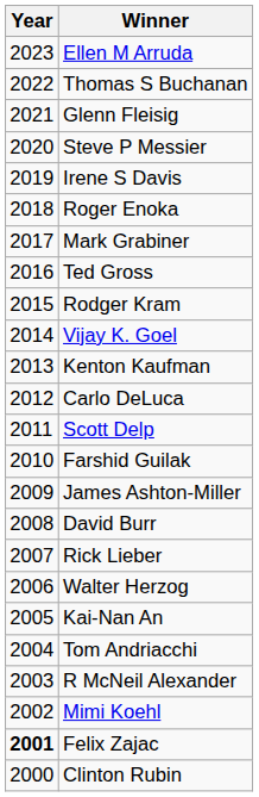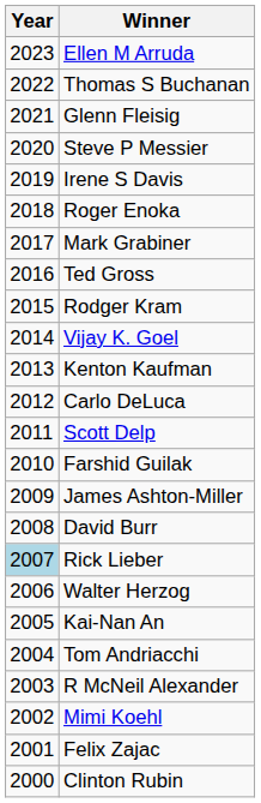 <table class="wikitable">
 <tr>
 <th>Year</th>
 <th>Winner</th>
 </tr>
 <tr>
 <td>2023</td>
 <td><a href='#'>Ellen M Arruda</a></td>
 </tr>
 <tr>
 <td>2022</td>
 <td>Thomas S Buchanan</td>
 </tr>
 <tr>
 <td>2021</td>
 <td>Glenn Fleisig</td>
 </tr>
 <tr>
 <td>2020</td>
 <td>Steve P Messier</td>
 </tr>
 <tr>
 <td>2019</td>
 <td>Irene S Davis</td>
 </tr>
 <tr>
 <td>2018</td>
 <td>Roger Enoka</td>
 </tr>
 <tr>
 <td>2017</td>
 <td>Mark Grabiner</td>
 </tr>
 <tr>
 <td>2016</td>
 <td>Ted Gross</td>
 </tr>
 <tr>
 <td>2015</td>
 <td>Rodger Kram</td>
 </tr>
 <tr>
 <td>2014</td>
 <td><a href='#'>Vijay K. Goel</a></td>
 </tr>
 <tr>
 <td>2013</td>
 <td>Kenton Kaufman</td>
 </tr>
 <tr>
 <td>2012</td>
 <td>Carlo DeLuca</td>
 </tr>
 <tr>
 <td>2011</td>
 <td><a href='#'>Scott Delp</a></td>
 </tr>
 <tr>
 <td>2010</td>
 <td>Farshid Guilak</td>
 </tr>
 <tr>
 <td>2009</td>
 <td>James Ashton-Miller</td>
 </tr>
 <tr>
 <td>2008</td>
 <td>David Burr</td>
 </tr>
 <tr>
-<td>2007</td>
+<td style="background: lightblue;">2007</td>
 <td>Rick Lieber</td>
 </tr>
 <tr>
 <td>2006</td>
 <td>Walter Herzog</td>
 </tr>
 <tr>
 <td>2005</td>
 <td>Kai-Nan An</td>
 </tr>
 <tr>
 <td>2004</td>
 <td>Tom Andriacchi</td>
 </tr>
 <tr>
 <td>2003</td>
 <td>R McNeil Alexander</td>
 </tr>
 <tr>
 <td>2002</td>
 <td><a href='#'>Mimi Koehl</a></td>
 </tr>
 <tr>
-<td><strong>2001</strong></td>
+<td>2001</td>
 <td>Felix Zajac</td>
 </tr>
 <tr>
 <td>2000</td>
 <td>Clinton Rubin</td>
 </tr>
 </table>
